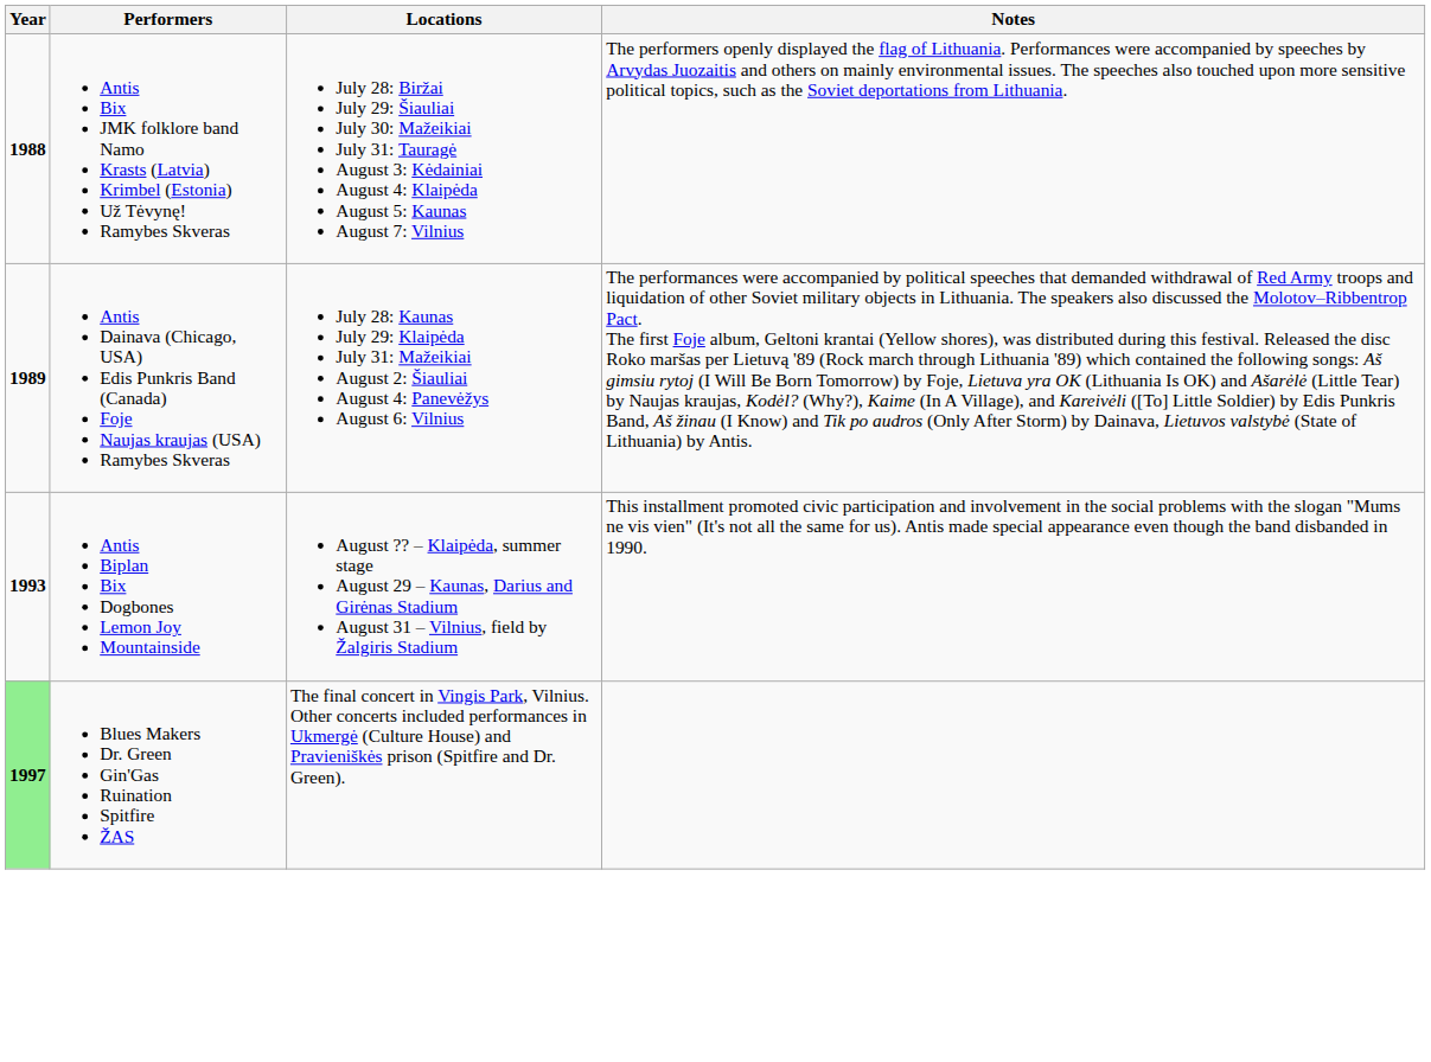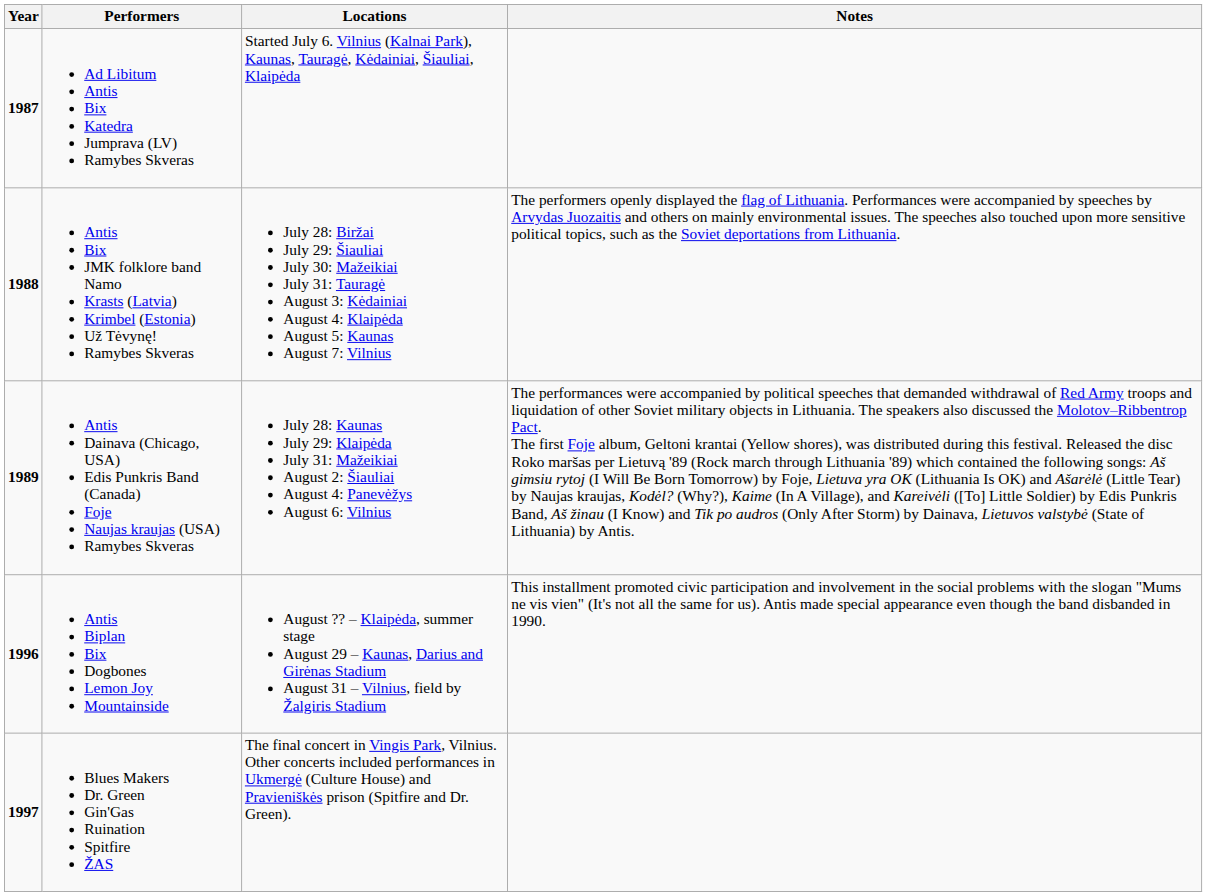 <table class="wikitable">
 <tr>
 <th>Year</th>
 <th width=200px>Performers</th>
 <th>Locations</th>
 <th>Notes</th>
+</tr>
+<tr>
+<td><strong>1987</strong></td>
+<td><br><ul><li><a href='#'>Ad Libitum</a></li><li><a href='#'>Antis</a></li><li><a href='#'>Bix</a></li><li><a href='#'>Katedra</a></li><li>Jumprava (LV)</li><li>Ramybes Skveras</li></ul></td>
+<td style="vertical-align: top;">Started July 6.  <a href='#'>Vilnius</a> (<a href='#'>Kalnai Park</a>), <a href='#'>Kaunas</a>, <a href='#'>Tauragė</a>, <a href='#'>Kėdainiai</a>, <a href='#'>Šiauliai</a>, <a href='#'>Klaipėda</a></td>
+<td></td>
 </tr>
 <tr>
 <td><strong>1988</strong></td>
 <td><br><ul><li><a href='#'>Antis</a></li><li><a href='#'>Bix</a></li><li>JMK folklore band Namo</li><li><a href='#'>Krasts</a> (<a href='#'>Latvia</a>)</li><li><a href='#'>Krimbel</a> (<a href='#'>Estonia</a>)</li><li>Už Tėvynę!</li><li>Ramybes Skveras</li></ul></td>
 <td style="vertical-align: top;"><br><ul><li>July 28: <a href='#'>Biržai</a></li><li>July 29: <a href='#'>Šiauliai</a></li><li>July 30: <a href='#'>Mažeikiai</a></li><li>July 31: <a href='#'>Tauragė</a></li><li>August 3: <a href='#'>Kėdainiai</a></li><li>August 4: <a href='#'>Klaipėda</a></li><li>August 5: <a href='#'>Kaunas</a></li><li>August 7: <a href='#'>Vilnius</a></li></ul></td>
 <td style="vertical-align: top;">The performers openly displayed the <a href='#'>flag of Lithuania</a>. Performances were accompanied by speeches by <a href='#'>Arvydas Juozaitis</a> and others on mainly environmental issues. The speeches also touched upon more sensitive political topics, such as the <a href='#'>Soviet deportations from Lithuania</a>.</td>
 </tr>
 <tr>
 <td><strong>1989</strong></td>
 <td><br><ul><li><a href='#'>Antis</a></li><li>Dainava (Chicago, USA)</li><li>Edis Punkris Band (Canada)</li><li><a href='#'>Foje</a></li><li><a href='#'>Naujas kraujas</a> (USA)</li><li>Ramybes Skveras</li></ul></td>
 <td style="vertical-align: top;"><br><ul><li>July 28: <a href='#'>Kaunas</a></li><li>July 29: <a href='#'>Klaipėda</a></li><li>July 31: <a href='#'>Mažeikiai</a></li><li>August 2: <a href='#'>Šiauliai</a></li><li>August 4: <a href='#'>Panevėžys</a></li><li>August 6: <a href='#'>Vilnius</a></li></ul></td>
 <td style="vertical-align: top;">The performances were accompanied by political speeches that demanded withdrawal of <a href='#'>Red Army</a> troops and liquidation of other Soviet military objects in Lithuania. The speakers also discussed the <a href='#'>Molotov–Ribbentrop Pact</a>.<br>The first <a href='#'>Foje</a> album, Geltoni krantai (Yellow shores), was distributed during this festival. Released the disc Roko maršas per Lietuvą '89 (Rock march through Lithuania '89) which contained the following songs: <em>Aš gimsiu rytoj</em> (I Will Be Born Tomorrow) by Foje, <em>Lietuva yra OK</em> (Lithuania Is OK) and <em>Ašarėlė</em> (Little Tear) by Naujas kraujas, <em>Kodėl?</em> (Why?), <em>Kaime</em> (In A Village), and <em>Kareivėli</em> ([To] Little Soldier) by Edis Punkris Band, <em>Aš žinau</em> (I Know) and <em>Tik po audros</em> (Only After Storm) by Dainava, <em>Lietuvos valstybė</em> (State of Lithuania) by Antis.</td>
 </tr>
 <tr>
-<td><strong>1993</strong></td>
+<td><strong>1996</strong></td>
 <td><br><ul><li><a href='#'>Antis</a></li><li><a href='#'>Biplan</a></li><li><a href='#'>Bix</a></li><li>Dogbones</li><li><a href='#'>Lemon Joy</a></li><li><a href='#'>Mountainside</a></li></ul></td>
 <td style="vertical-align: top;"><br><ul><li>August ?? – <a href='#'>Klaipėda</a>, summer stage</li><li>August 29 – <a href='#'>Kaunas</a>, <a href='#'>Darius and Girėnas Stadium</a></li><li>August 31 – <a href='#'>Vilnius</a>, field by <a href='#'>Žalgiris Stadium</a></li></ul></td>
 <td style="vertical-align: top;">This installment promoted civic participation and involvement in the social problems with the slogan "Mums ne vis vien" (It's not all the same for us). Antis made special appearance even though the band disbanded in 1990.</td>
 </tr>
 <tr>
-<td style="background: lightgreen;"><strong>1997</strong></td>
+<td><strong>1997</strong></td>
 <td><br><ul><li>Blues Makers</li><li>Dr. Green</li><li>Gin'Gas</li><li>Ruination</li><li>Spitfire</li><li><a href='#'>ŽAS</a></li></ul></td>
 <td style="vertical-align: top;">The final concert in <a href='#'>Vingis Park</a>, Vilnius. Other concerts included performances in <a href='#'>Ukmergė</a> (Culture House) and <a href='#'>Pravieniškės</a> prison (Spitfire and Dr. Green).</td>
 <td> </td>
 </tr>
 </table>
